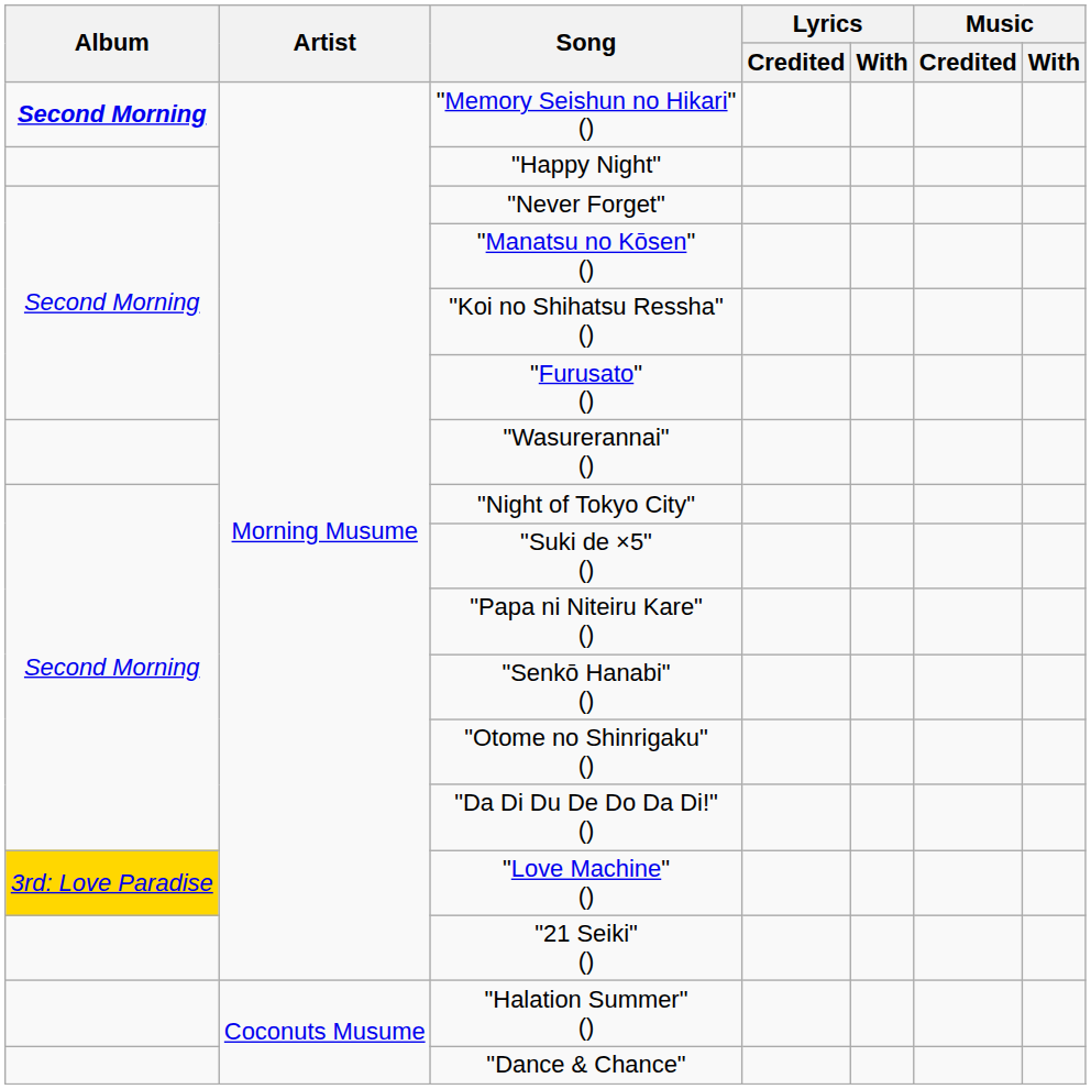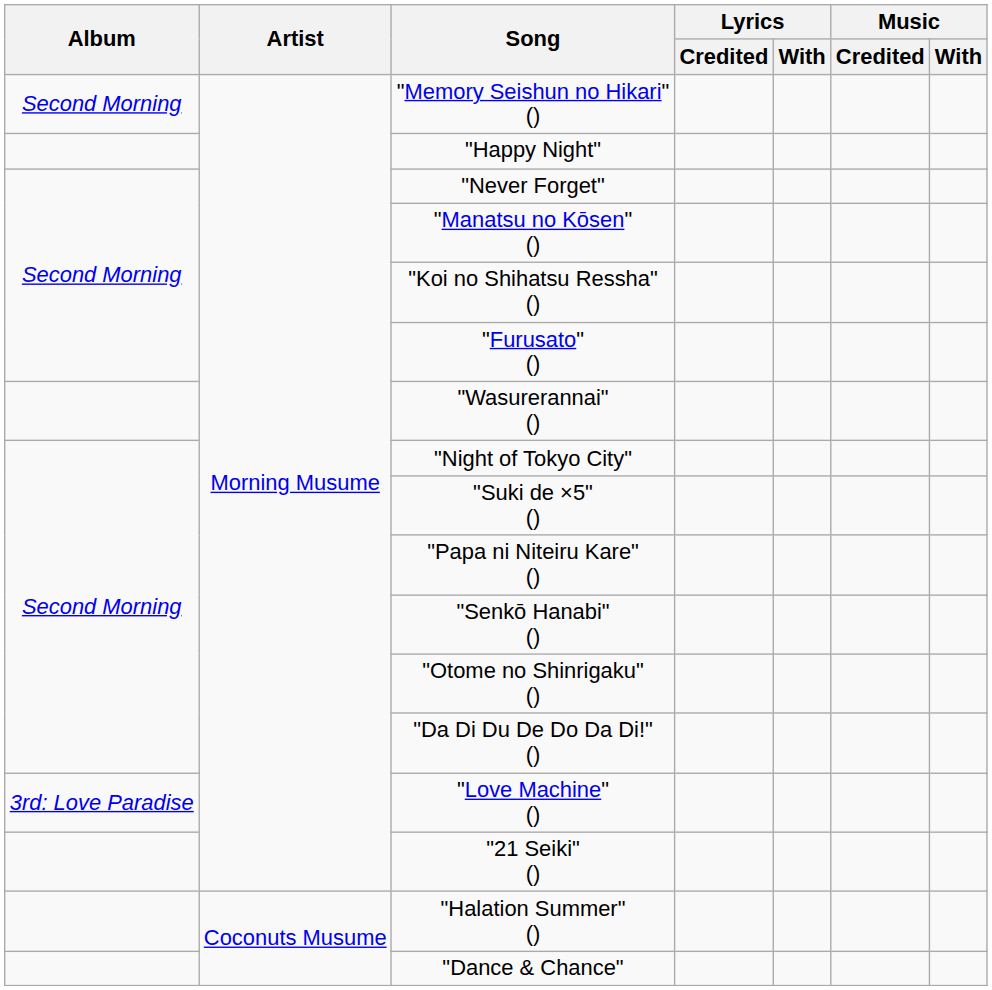 <table class="wikitable">
 <tr>
 <th rowspan="2">Album</th>
 <th rowspan="2">Artist</th>
 <th rowspan="2">Song</th>
 <th colspan="2">Lyrics</th>
 <th colspan="2">Music</th>
 </tr>
 <tr>
 <th>Credited</th>
 <th>With</th>
 <th>Credited</th>
 <th>With</th>
 </tr>
 <tr>
-<td align="center"><strong><em><a href='#'>Second Morning</a></em></strong></td>
+<td align="center"><em><a href='#'>Second Morning</a></em></td>
 <td align="center" rowspan="15"><a href='#'>Morning Musume</a></td>
 <td align="center">"<a href='#'>Memory Seishun no Hikari</a>"<br>()</td>
 <td></td>
 <td></td>
 <td></td>
 <td></td>
 </tr>
 <tr>
 <td></td>
 <td align="center">"Happy Night"</td>
 <td></td>
 <td></td>
 <td></td>
 <td></td>
 </tr>
 <tr>
 <td align="center" rowspan="4"><em><a href='#'>Second Morning</a></em></td>
 <td align="center">"Never Forget"</td>
 <td></td>
 <td></td>
 <td></td>
 <td></td>
 </tr>
 <tr>
 <td align="center">"<a href='#'>Manatsu no Kōsen</a>"<br>()</td>
 <td></td>
 <td></td>
 <td></td>
 <td></td>
 </tr>
 <tr>
 <td align="center">"Koi no Shihatsu Ressha"<br>()</td>
 <td></td>
 <td></td>
 <td></td>
 <td></td>
 </tr>
 <tr>
 <td align="center">"<a href='#'>Furusato</a>"<br>()</td>
 <td></td>
 <td></td>
 <td></td>
 <td></td>
 </tr>
 <tr>
 <td></td>
 <td align="center">"Wasurerannai"<br>()</td>
 <td></td>
 <td></td>
 <td></td>
 <td></td>
 </tr>
 <tr>
 <td align="center" rowspan="6"><em><a href='#'>Second Morning</a></em></td>
 <td align="center">"Night of Tokyo City"</td>
 <td></td>
 <td></td>
 <td></td>
 <td></td>
 </tr>
 <tr>
 <td align="center">"Suki de ×5"<br>()</td>
 <td></td>
 <td></td>
 <td></td>
 <td></td>
 </tr>
 <tr>
 <td align="center">"Papa ni Niteiru Kare"<br>()</td>
 <td></td>
 <td></td>
 <td></td>
 <td></td>
 </tr>
 <tr>
 <td align="center">"Senkō Hanabi"<br>()</td>
 <td></td>
 <td></td>
 <td></td>
 <td></td>
 </tr>
 <tr>
 <td align="center">"Otome no Shinrigaku"<br>()</td>
 <td></td>
 <td></td>
 <td></td>
 <td></td>
 </tr>
 <tr>
 <td align="center">"Da Di Du De Do Da Di!"<br>()</td>
 <td></td>
 <td></td>
 <td></td>
 <td></td>
 </tr>
 <tr>
-<td align="center" style="background: gold;"><em><a href='#'>3rd: Love Paradise</a></em></td>
+<td align="center"><em><a href='#'>3rd: Love Paradise</a></em></td>
 <td align="center">"<a href='#'>Love Machine</a>"<br>()</td>
 <td></td>
 <td></td>
 <td></td>
 <td></td>
 </tr>
 <tr>
 <td></td>
 <td align="center">"21 Seiki"<br>()</td>
 <td></td>
 <td></td>
 <td></td>
 <td></td>
 </tr>
 <tr>
 <td></td>
 <td align="center" rowspan="2"><a href='#'>Coconuts Musume</a></td>
 <td align="center">"Halation Summer"<br>()</td>
 <td></td>
 <td></td>
 <td></td>
 <td></td>
 </tr>
 <tr>
 <td></td>
 <td align="center">"Dance & Chance"</td>
 <td></td>
 <td></td>
 <td></td>
 <td></td>
 </tr>
 <tr>
 </tr>
 </table>
